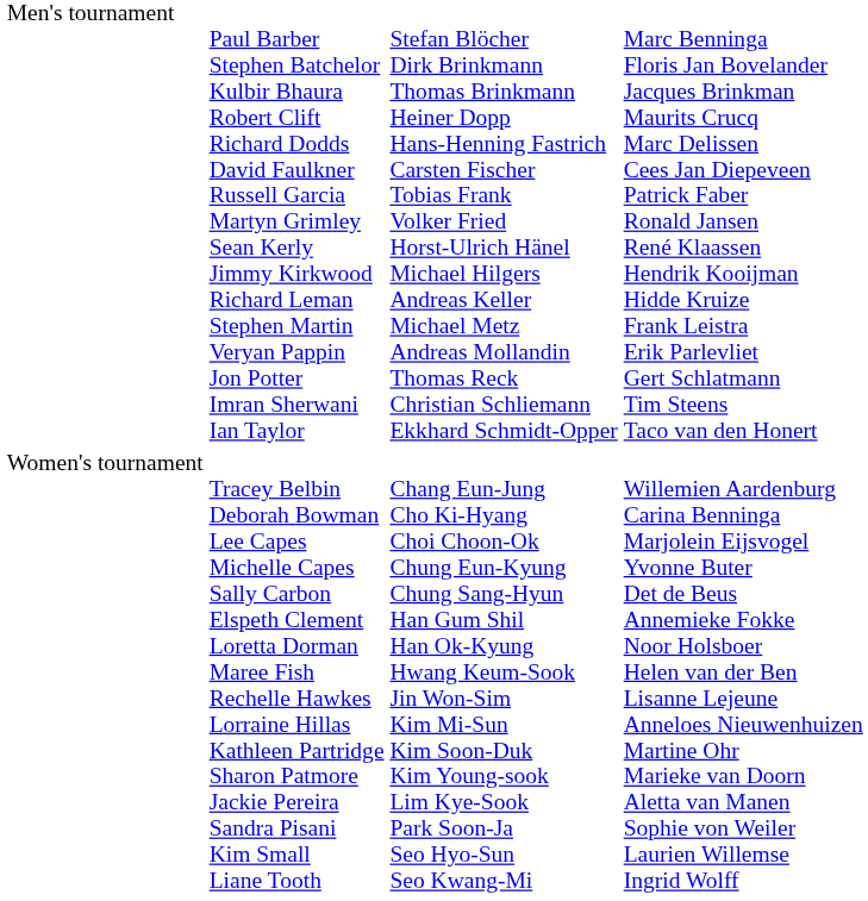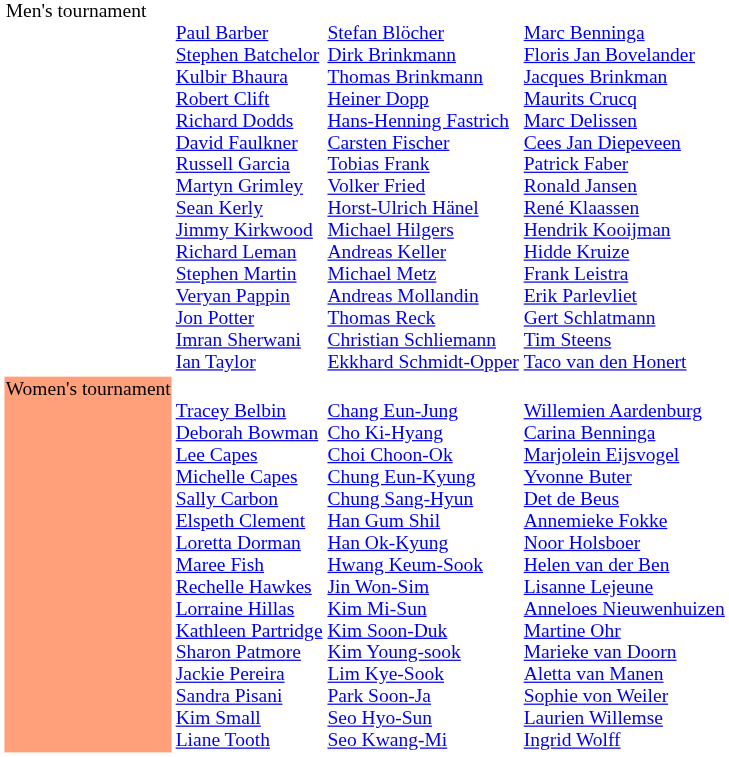 <table>
 <tr valign="top">
 <td>Men's tournament<br></td>
 <td><br><a href='#'>Paul Barber</a><br><a href='#'>Stephen Batchelor</a><br><a href='#'>Kulbir Bhaura</a><br><a href='#'>Robert Clift</a><br><a href='#'>Richard Dodds</a><br><a href='#'>David Faulkner</a><br><a href='#'>Russell Garcia</a><br><a href='#'>Martyn Grimley</a><br><a href='#'>Sean Kerly</a><br><a href='#'>Jimmy Kirkwood</a><br><a href='#'>Richard Leman</a><br><a href='#'>Stephen Martin</a><br><a href='#'>Veryan Pappin</a><br><a href='#'>Jon Potter</a><br><a href='#'>Imran Sherwani</a><br><a href='#'>Ian Taylor</a></td>
 <td><br><a href='#'>Stefan Blöcher</a><br><a href='#'>Dirk Brinkmann</a><br><a href='#'>Thomas Brinkmann</a><br><a href='#'>Heiner Dopp</a><br><a href='#'>Hans-Henning Fastrich</a><br><a href='#'>Carsten Fischer</a><br><a href='#'>Tobias Frank</a><br><a href='#'>Volker Fried</a><br><a href='#'>Horst-Ulrich Hänel</a><br><a href='#'>Michael Hilgers</a><br><a href='#'>Andreas Keller</a><br><a href='#'>Michael Metz</a><br><a href='#'>Andreas Mollandin</a><br><a href='#'>Thomas Reck</a><br><a href='#'>Christian Schliemann</a><br><a href='#'>Ekkhard Schmidt-Opper</a></td>
 <td><br><a href='#'>Marc Benninga</a><br><a href='#'>Floris Jan Bovelander</a><br><a href='#'>Jacques Brinkman</a><br><a href='#'>Maurits Crucq</a><br><a href='#'>Marc Delissen</a><br><a href='#'>Cees Jan Diepeveen</a><br><a href='#'>Patrick Faber</a><br><a href='#'>Ronald Jansen</a><br><a href='#'>René Klaassen</a><br><a href='#'>Hendrik Kooijman</a><br><a href='#'>Hidde Kruize</a><br><a href='#'>Frank Leistra</a><br><a href='#'>Erik Parlevliet</a><br><a href='#'>Gert Schlatmann</a><br><a href='#'>Tim Steens</a><br><a href='#'>Taco van den Honert</a></td>
 </tr>
 <tr valign="top">
-<td>Women's tournament<br></td>
+<td style="background: lightsalmon;">Women's tournament<br></td>
 <td><br><a href='#'>Tracey Belbin</a><br><a href='#'>Deborah Bowman</a><br><a href='#'>Lee Capes</a><br><a href='#'>Michelle Capes</a><br><a href='#'>Sally Carbon</a><br><a href='#'>Elspeth Clement</a><br><a href='#'>Loretta Dorman</a><br><a href='#'>Maree Fish</a><br><a href='#'>Rechelle Hawkes</a><br><a href='#'>Lorraine Hillas</a><br><a href='#'>Kathleen Partridge</a><br><a href='#'>Sharon Patmore</a><br><a href='#'>Jackie Pereira</a><br><a href='#'>Sandra Pisani</a><br><a href='#'>Kim Small</a><br><a href='#'>Liane Tooth</a></td>
 <td><br><a href='#'>Chang Eun-Jung</a><br><a href='#'>Cho Ki-Hyang</a><br><a href='#'>Choi Choon-Ok</a><br><a href='#'>Chung Eun-Kyung</a><br><a href='#'>Chung Sang-Hyun</a><br><a href='#'>Han Gum Shil</a><br><a href='#'>Han Ok-Kyung</a><br><a href='#'>Hwang Keum-Sook</a><br><a href='#'>Jin Won-Sim</a><br><a href='#'>Kim Mi-Sun</a><br><a href='#'>Kim Soon-Duk</a><br><a href='#'>Kim Young-sook</a><br><a href='#'>Lim Kye-Sook</a><br><a href='#'>Park Soon-Ja</a><br><a href='#'>Seo Hyo-Sun</a><br><a href='#'>Seo Kwang-Mi</a></td>
 <td><br><a href='#'>Willemien Aardenburg</a><br><a href='#'>Carina Benninga</a><br><a href='#'>Marjolein Eijsvogel</a><br><a href='#'>Yvonne Buter</a><br><a href='#'>Det de Beus</a><br><a href='#'>Annemieke Fokke</a><br><a href='#'>Noor Holsboer</a><br><a href='#'>Helen van der Ben</a><br><a href='#'>Lisanne Lejeune</a><br><a href='#'>Anneloes Nieuwenhuizen</a><br><a href='#'>Martine Ohr</a><br><a href='#'>Marieke van Doorn</a><br><a href='#'>Aletta van Manen</a><br><a href='#'>Sophie von Weiler</a><br><a href='#'>Laurien Willemse</a><br><a href='#'>Ingrid Wolff</a></td>
 </tr>
 </table>
